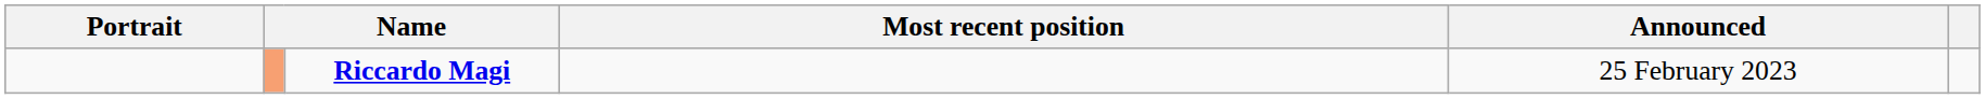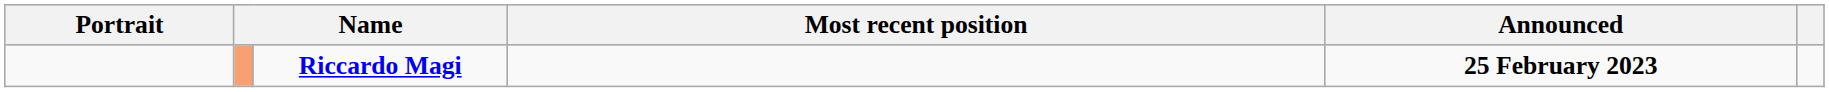 <table class="wikitable" style="text-align:center; width:90%; border:1px #AAAAFF solid">
 <tr>
 <th>Portrait</th>
 <th colspan=2 width=15%>Name</th>
 <th width=45%>Most recent position</th>
 <th>Announced</th>
 <th></th>
 </tr>
 <tr style="text-align: center;"  |>
 <td></td>
 <td width="1" style="color:inherit;background:#F7A072;"></td>
 <td><strong><a href='#'>Riccardo Magi</a></strong><br></td>
 <td><br></td>
-<td>25 February 2023</td>
+<td><strong>25 February 2023</strong></td>
 <td></td>
 </tr>
 </table>
